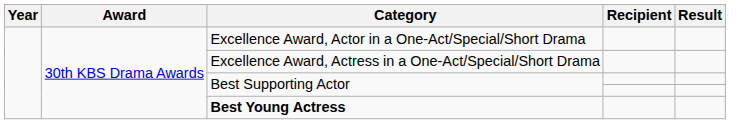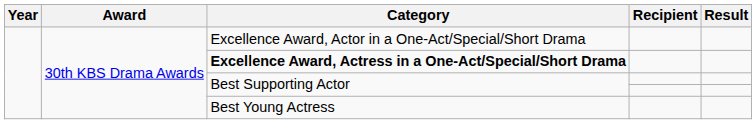 <table class="wikitable">
 <tr>
 <th>Year</th>
 <th>Award</th>
 <th>Category</th>
 <th>Recipient</th>
 <th>Result</th>
 </tr>
 <tr>
 <td rowspan="5"></td>
 <td rowspan="5"><a href='#'>30th KBS Drama Awards</a></td>
 <td>Excellence Award, Actor in a One-Act/Special/Short Drama</td>
 <td></td>
 <td></td>
 </tr>
 <tr>
-<td>Excellence Award, Actress in a One-Act/Special/Short Drama</td>
+<td><strong>Excellence Award, Actress in a One-Act/Special/Short Drama</strong></td>
 <td></td>
 <td></td>
 </tr>
 <tr>
 <td rowspan="2">Best Supporting Actor</td>
 <td></td>
 <td></td>
 </tr>
 <tr>
 <td></td>
 <td></td>
 </tr>
 <tr>
-<td><strong>Best Young Actress</strong></td>
+<td>Best Young Actress</td>
 <td></td>
 <td></td>
 </tr>
 </table>
